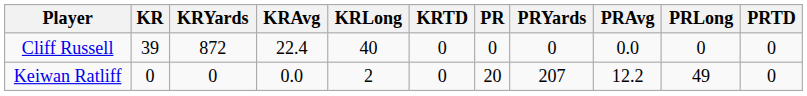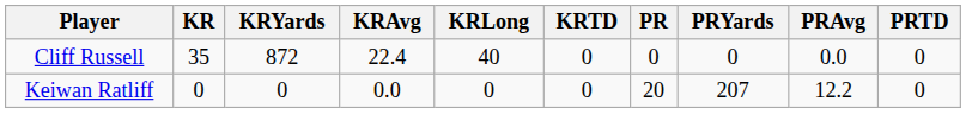 <table class="wikitable" style="text-align:center;" width="80%">
 <tr>
 <th>Player</th>
 <th>KR</th>
 <th>KRYards</th>
 <th>KRAvg</th>
 <th>KRLong</th>
 <th>KRTD</th>
 <th>PR</th>
 <th>PRYards</th>
 <th>PRAvg</th>
-<th>PRLong</th>
 <th>PRTD</th>
 </tr>
 <tr>
 <td><a href='#'>Cliff Russell</a></td>
-<td>39</td>
+<td>35</td>
 <td>872</td>
 <td>22.4</td>
 <td>40</td>
 <td>0</td>
 <td>0</td>
 <td>0</td>
 <td>0.0</td>
 <td>0</td>
-<td>0</td>
 </tr>
 <tr>
 <td><a href='#'>Keiwan Ratliff</a></td>
 <td>0</td>
 <td>0</td>
 <td>0.0</td>
-<td>2</td>
+<td>0</td>
 <td>0</td>
 <td>20</td>
 <td>207</td>
 <td>12.2</td>
-<td>49</td>
 <td>0</td>
 </tr>
 </table>
